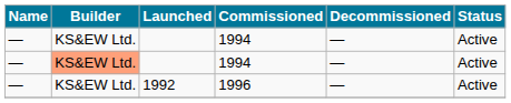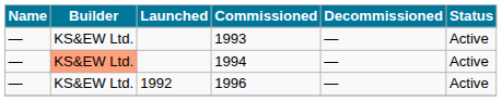 <table class="wikitable">
 <tr>
 <th style="background:#079;color:#fff;">Name</th>
 <th style="background:#079;color:#fff;">Builder</th>
 <th style="background:#079;color:#fff;">Launched</th>
 <th style="background:#079;color:#fff;">Commissioned</th>
 <th style="background:#079;color:#fff;">Decommissioned</th>
 <th style="background:#079;color:#fff;">Status</th>
 </tr>
 <tr>
 <td><em>—</em></td>
 <td>KS&EW Ltd.</td>
 <td></td>
-<td>1994</td>
+<td>1993</td>
 <td><em>—</em></td>
 <td>Active</td>
 </tr>
 <tr>
 <td><em>—</em></td>
 <td style="background: lightsalmon;">KS&EW Ltd.</td>
 <td></td>
 <td>1994</td>
 <td><em>—</em></td>
 <td>Active</td>
 </tr>
 <tr>
 <td><em>—</em></td>
 <td>KS&EW Ltd.</td>
 <td>1992</td>
 <td>1996</td>
 <td><em>—</em></td>
 <td>Active</td>
 </tr>
 <tr>
 </tr>
 </table>
